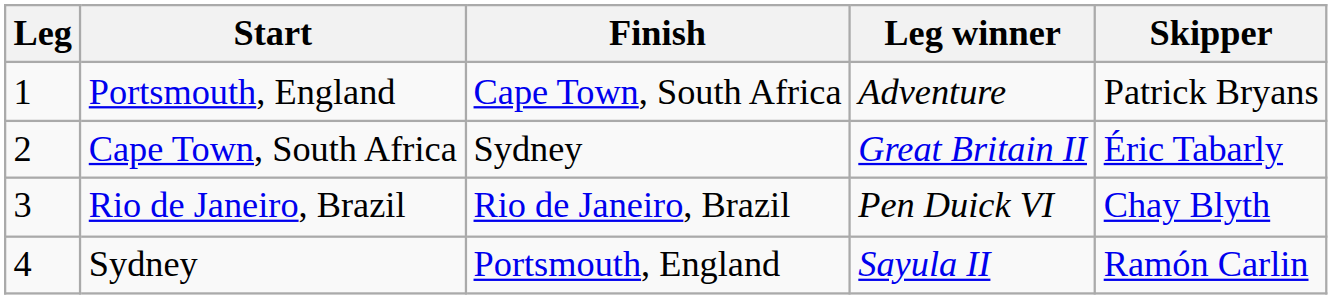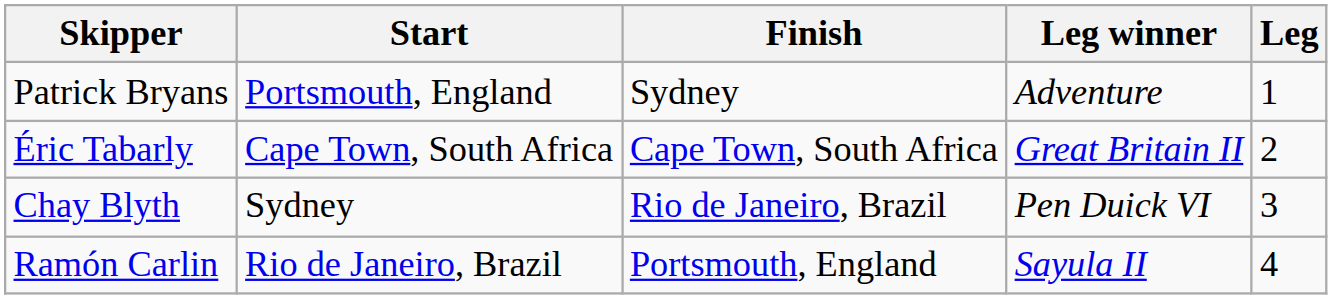 <table class=wikitable>
 <tr>
-<th>Leg</th>
+<th>Skipper</th>
 <th>Start</th>
 <th>Finish</th>
 <th>Leg winner</th>
-<th>Skipper</th>
+<th>Leg</th>
 </tr>
 <tr>
+<td>Patrick Bryans</td>
+<td><a href='#'>Portsmouth</a>, England</td>
+<td>Sydney</td>
+<td><em>Adventure</em></td>
 <td>1</td>
-<td><a href='#'>Portsmouth</a>, England</td>
-<td><a href='#'>Cape Town</a>, South Africa</td>
-<td><em>Adventure</em></td>
-<td>Patrick Bryans</td>
 </tr>
 <tr>
+<td><a href='#'>Éric Tabarly</a></td>
+<td><a href='#'>Cape Town</a>, South Africa</td>
+<td><a href='#'>Cape Town</a>, South Africa</td>
+<td><em><a href='#'>Great Britain II</a></em></td>
 <td>2</td>
-<td><a href='#'>Cape Town</a>, South Africa</td>
-<td>Sydney</td>
-<td><em><a href='#'>Great Britain II</a></em></td>
-<td><a href='#'>Éric Tabarly</a></td>
 </tr>
 <tr>
-<td>3</td>
-<td><a href='#'>Rio de Janeiro</a>, Brazil</td>
+<td><a href='#'>Chay Blyth</a></td>
+<td>Sydney</td>
 <td><a href='#'>Rio de Janeiro</a>, Brazil</td>
 <td><em>Pen Duick VI</em></td>
-<td><a href='#'>Chay Blyth</a></td>
+<td>3</td>
 </tr>
 <tr>
-<td>4</td>
-<td>Sydney</td>
+<td><a href='#'>Ramón Carlin</a></td>
+<td><a href='#'>Rio de Janeiro</a>, Brazil</td>
 <td><a href='#'>Portsmouth</a>, England</td>
 <td><em><a href='#'>Sayula II</a></em></td>
-<td><a href='#'>Ramón Carlin</a></td>
+<td>4</td>
 </tr>
 </table>
